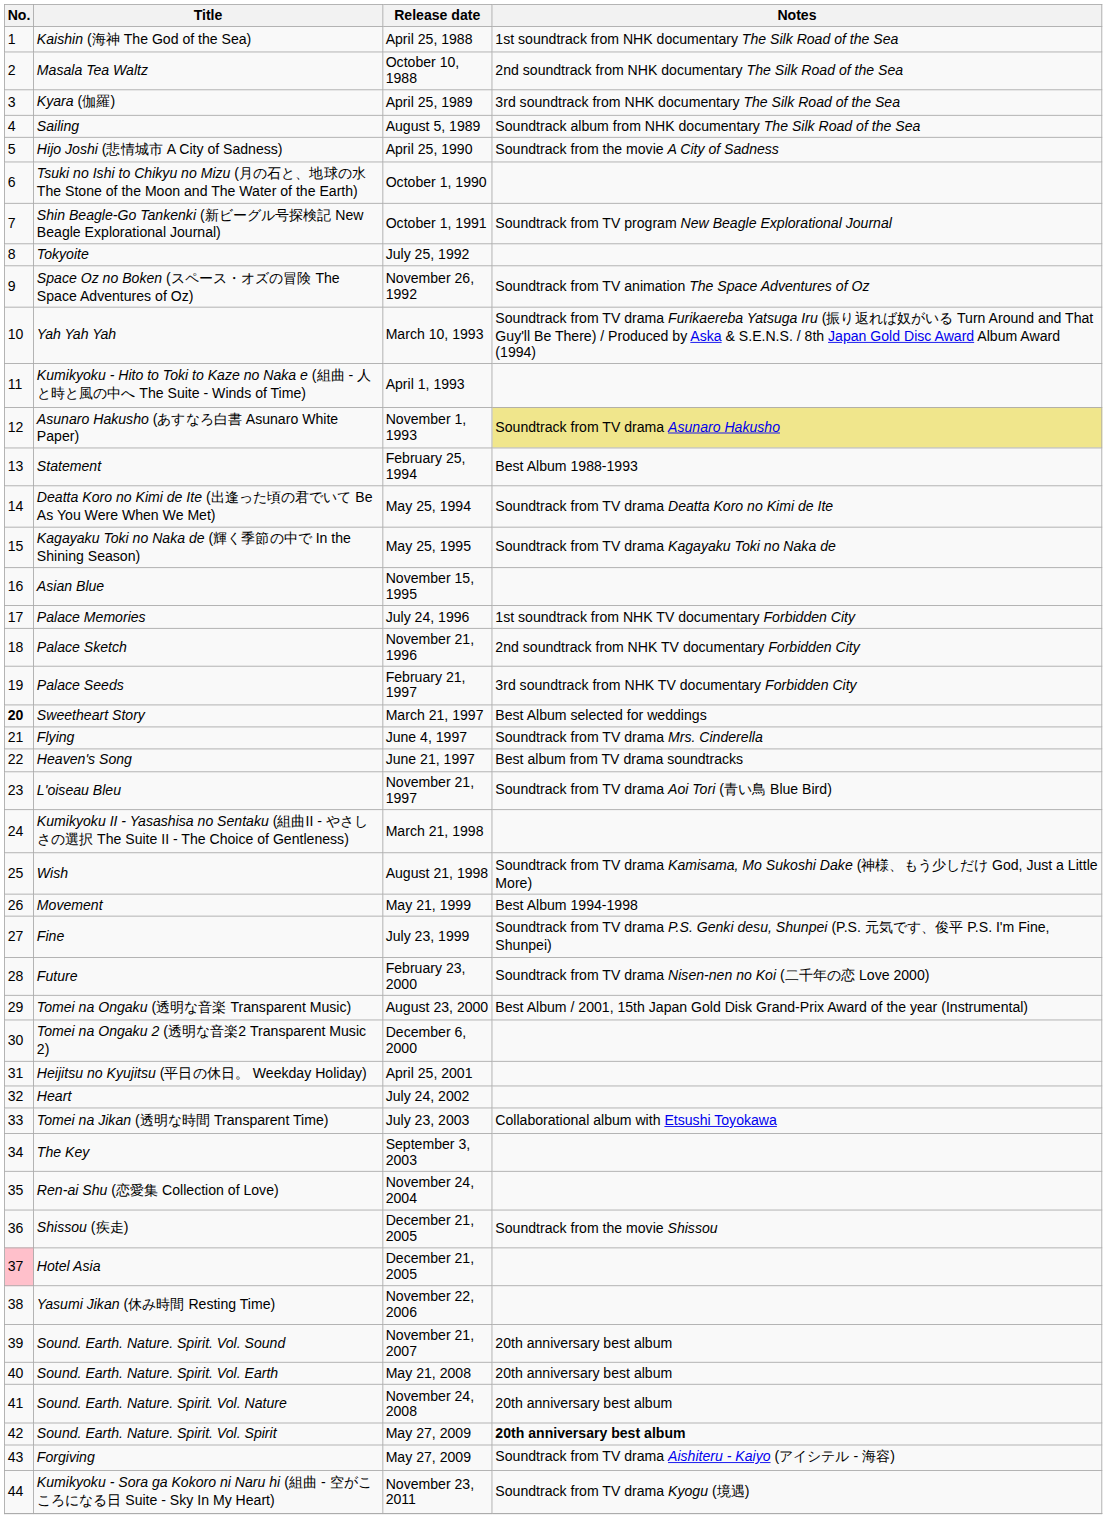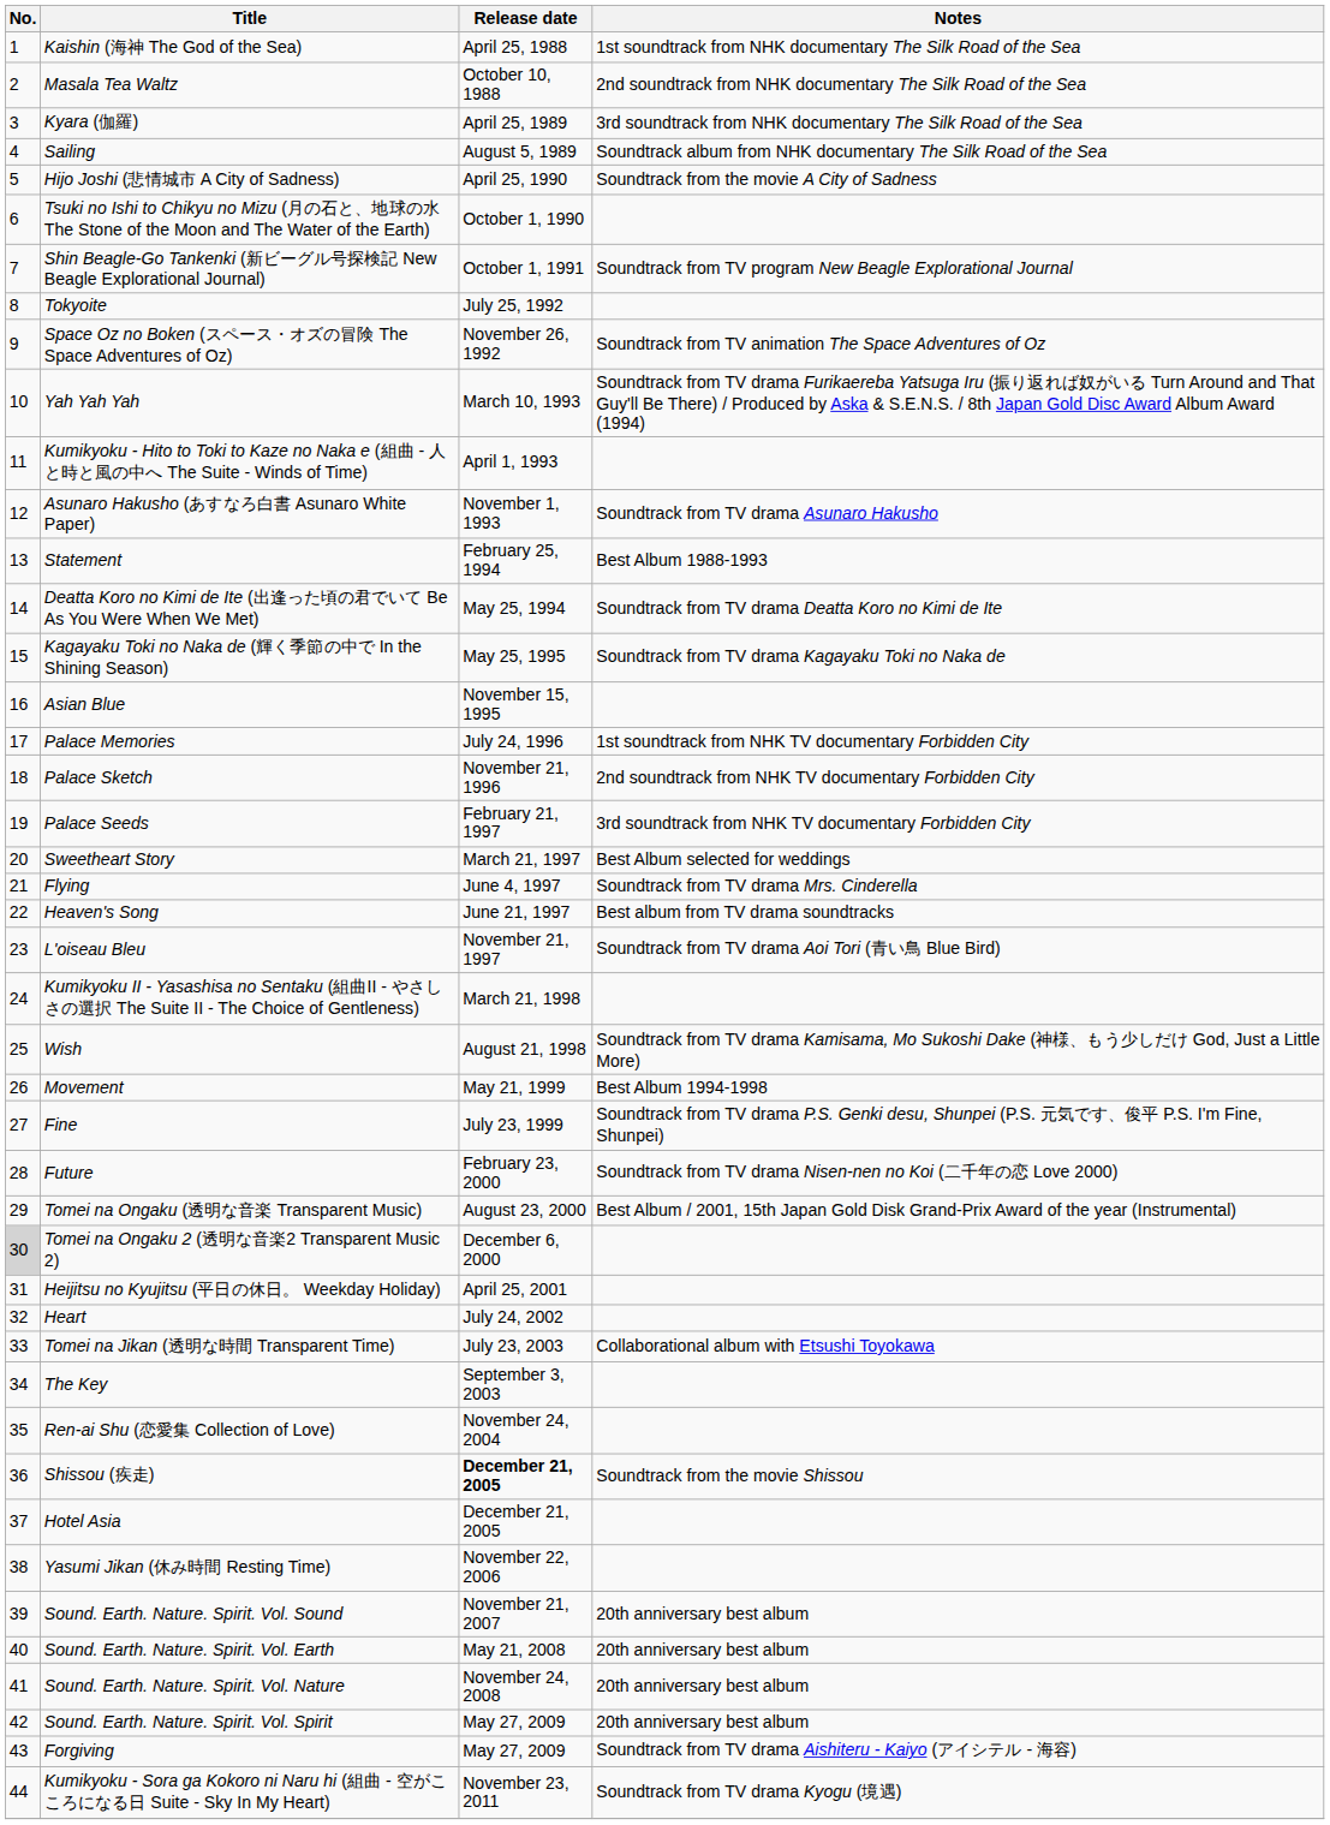 <table class="wikitable">
 <tr>
 <th>No.</th>
 <th>Title</th>
 <th style="white-space:nowrap">Release date</th>
 <th>Notes</th>
 </tr>
 <tr>
 <td>1</td>
 <td><em>Kaishin</em> (海神 The God of the Sea)</td>
 <td>April 25, 1988</td>
 <td>1st soundtrack from NHK documentary <em>The Silk Road of the Sea</em></td>
 </tr>
 <tr>
 <td>2</td>
 <td><em>Masala Tea Waltz</em></td>
 <td>October 10, 1988</td>
 <td>2nd soundtrack from NHK documentary <em>The Silk Road of the Sea</em></td>
 </tr>
 <tr>
 <td>3</td>
 <td><em>Kyara</em> (伽羅)</td>
 <td>April 25, 1989</td>
 <td>3rd soundtrack from NHK documentary <em>The Silk Road of the Sea</em></td>
 </tr>
 <tr>
 <td>4</td>
 <td><em>Sailing</em></td>
 <td>August 5, 1989</td>
 <td>Soundtrack album from NHK documentary <em>The Silk Road of the Sea</em></td>
 </tr>
 <tr>
 <td>5</td>
 <td><em>Hijo Joshi</em> (悲情城市 A City of Sadness)</td>
 <td>April 25, 1990</td>
 <td>Soundtrack from the movie <em>A City of Sadness</em></td>
 </tr>
 <tr>
 <td>6</td>
 <td><em>Tsuki no Ishi to Chikyu no Mizu</em> (月の石と、地球の水 The Stone of the Moon and The Water of the Earth)</td>
 <td>October 1, 1990</td>
 <td></td>
 </tr>
 <tr>
 <td>7</td>
 <td><em>Shin Beagle-Go Tankenki</em> (新ビーグル号探検記 New Beagle Explorational Journal)</td>
 <td>October 1, 1991</td>
 <td>Soundtrack from TV program <em>New Beagle Explorational Journal</em></td>
 </tr>
 <tr>
 <td>8</td>
 <td><em>Tokyoite</em></td>
 <td>July 25, 1992</td>
 <td></td>
 </tr>
 <tr>
 <td>9</td>
 <td><em>Space Oz no Boken</em> (スペース・オズの冒険 The Space Adventures of Oz)</td>
 <td>November 26, 1992</td>
 <td>Soundtrack from TV animation <em>The Space Adventures of Oz</em></td>
 </tr>
 <tr>
 <td>10</td>
 <td><em>Yah Yah Yah</em></td>
 <td>March 10, 1993</td>
 <td>Soundtrack from TV drama <em>Furikaereba Yatsuga Iru</em> (振り返れば奴がいる Turn Around and That Guy'll Be There) / Produced by <a href='#'>Aska</a> & S.E.N.S. / 8th <a href='#'>Japan Gold Disc Award</a> Album Award (1994)</td>
 </tr>
 <tr>
 <td>11</td>
 <td><em>Kumikyoku - Hito to Toki to Kaze no Naka e</em> (組曲 - 人と時と風の中へ The Suite - Winds of Time)</td>
 <td>April 1, 1993</td>
 <td></td>
 </tr>
 <tr>
 <td>12</td>
 <td><em>Asunaro Hakusho</em> (あすなろ白書 Asunaro White Paper)</td>
 <td>November 1, 1993</td>
-<td style="background: khaki;">Soundtrack from TV drama <em><a href='#'>Asunaro Hakusho</a></em></td>
+<td>Soundtrack from TV drama <em><a href='#'>Asunaro Hakusho</a></em></td>
 </tr>
 <tr>
 <td>13</td>
 <td><em>Statement</em></td>
 <td>February 25, 1994</td>
 <td>Best Album 1988-1993</td>
 </tr>
 <tr>
 <td>14</td>
 <td><em>Deatta Koro no Kimi de Ite</em> (出逢った頃の君でいて Be As You Were When We Met)</td>
 <td>May 25, 1994</td>
 <td>Soundtrack from TV drama <em>Deatta Koro no Kimi de Ite</em></td>
 </tr>
 <tr>
 <td>15</td>
 <td><em>Kagayaku Toki no Naka de</em> (輝く季節の中で In the Shining Season)</td>
 <td>May 25, 1995</td>
 <td>Soundtrack from TV drama <em>Kagayaku Toki no Naka de</em></td>
 </tr>
 <tr>
 <td>16</td>
 <td><em>Asian Blue</em></td>
 <td>November 15, 1995</td>
 <td></td>
 </tr>
 <tr>
 <td>17</td>
 <td><em>Palace Memories</em></td>
 <td>July 24, 1996</td>
 <td>1st soundtrack from NHK TV documentary <em>Forbidden City</em></td>
 </tr>
 <tr>
 <td>18</td>
 <td><em>Palace Sketch</em></td>
 <td>November 21, 1996</td>
 <td>2nd soundtrack from NHK TV documentary <em>Forbidden City</em></td>
 </tr>
 <tr>
 <td>19</td>
 <td><em>Palace Seeds</em></td>
 <td>February 21, 1997</td>
 <td>3rd soundtrack from NHK TV documentary <em>Forbidden City</em></td>
 </tr>
 <tr>
-<td><strong>20</strong></td>
+<td>20</td>
 <td><em>Sweetheart Story</em></td>
 <td>March 21, 1997</td>
 <td>Best Album selected for weddings</td>
 </tr>
 <tr>
 <td>21</td>
 <td><em>Flying</em></td>
 <td>June 4, 1997</td>
 <td>Soundtrack from TV drama <em>Mrs. Cinderella</em></td>
 </tr>
 <tr>
 <td>22</td>
 <td><em>Heaven's Song</em></td>
 <td>June 21, 1997</td>
 <td>Best album from TV drama soundtracks</td>
 </tr>
 <tr>
 <td>23</td>
 <td><em>L'oiseau Bleu</em></td>
 <td>November 21, 1997</td>
 <td>Soundtrack from TV drama <em>Aoi Tori</em> (青い鳥 Blue Bird)</td>
 </tr>
 <tr>
 <td>24</td>
 <td><em>Kumikyoku II - Yasashisa no Sentaku</em> (組曲II - やさしさの選択 The Suite II - The Choice of Gentleness)</td>
 <td>March 21, 1998</td>
 <td></td>
 </tr>
 <tr>
 <td>25</td>
 <td><em>Wish</em></td>
 <td>August 21, 1998</td>
 <td>Soundtrack from TV drama <em>Kamisama, Mo Sukoshi Dake</em> (神様、もう少しだけ God, Just a Little More)</td>
 </tr>
 <tr>
 <td>26</td>
 <td><em>Movement</em></td>
 <td>May 21, 1999</td>
 <td>Best Album 1994-1998</td>
 </tr>
 <tr>
 <td>27</td>
 <td><em>Fine</em></td>
 <td>July 23, 1999</td>
 <td>Soundtrack from TV drama <em>P.S. Genki desu, Shunpei</em> (P.S. 元気です、俊平 P.S. I'm Fine, Shunpei)</td>
 </tr>
 <tr>
 <td>28</td>
 <td><em>Future</em></td>
 <td>February 23, 2000</td>
 <td>Soundtrack from TV drama <em>Nisen-nen no Koi</em> (二千年の恋 Love 2000)</td>
 </tr>
 <tr>
 <td>29</td>
 <td><em>Tomei na Ongaku</em> (透明な音楽 Transparent Music)</td>
 <td>August 23, 2000</td>
 <td>Best Album / 2001, 15th Japan Gold Disk Grand-Prix Award of the year (Instrumental)</td>
 </tr>
 <tr>
-<td>30</td>
+<td style="background: lightgrey;">30</td>
 <td><em>Tomei na Ongaku 2</em> (透明な音楽2 Transparent Music 2)</td>
 <td>December 6, 2000</td>
 <td></td>
 </tr>
 <tr>
 <td>31</td>
 <td><em>Heijitsu no Kyujitsu</em> (平日の休日。 Weekday Holiday)</td>
 <td>April 25, 2001</td>
 <td></td>
 </tr>
 <tr>
 <td>32</td>
 <td><em>Heart</em></td>
 <td>July 24, 2002</td>
 <td></td>
 </tr>
 <tr>
 <td>33</td>
 <td><em>Tomei na Jikan</em>  (透明な時間 Transparent Time)</td>
 <td>July 23, 2003</td>
 <td>Collaborational album with <a href='#'>Etsushi Toyokawa</a></td>
 </tr>
 <tr>
 <td>34</td>
 <td><em>The Key</em></td>
 <td>September 3, 2003</td>
 <td></td>
 </tr>
 <tr>
 <td>35</td>
 <td><em>Ren-ai Shu</em> (恋愛集 Collection of Love)</td>
 <td>November 24, 2004</td>
 <td></td>
 </tr>
 <tr>
 <td>36</td>
 <td><em>Shissou</em> (疾走)</td>
-<td>December 21, 2005</td>
+<td><strong>December 21, 2005</strong></td>
 <td>Soundtrack from the movie <em>Shissou</em></td>
 </tr>
 <tr>
-<td style="background: pink;">37</td>
+<td>37</td>
 <td><em>Hotel Asia</em></td>
 <td>December 21, 2005</td>
 <td></td>
 </tr>
 <tr>
 <td>38</td>
 <td><em>Yasumi Jikan</em> (休み時間 Resting Time)</td>
 <td>November 22, 2006</td>
 <td></td>
 </tr>
 <tr>
 <td>39</td>
 <td><em>Sound. Earth. Nature. Spirit. Vol. Sound</em></td>
 <td>November 21, 2007</td>
 <td>20th anniversary best album</td>
 </tr>
 <tr>
 <td>40</td>
 <td><em>Sound. Earth. Nature. Spirit. Vol. Earth</em></td>
 <td>May 21, 2008</td>
 <td>20th anniversary best album</td>
 </tr>
 <tr>
 <td>41</td>
 <td><em>Sound. Earth. Nature. Spirit. Vol. Nature</em></td>
 <td>November 24, 2008</td>
 <td>20th anniversary best album</td>
 </tr>
 <tr>
 <td>42</td>
 <td><em>Sound. Earth. Nature. Spirit. Vol. Spirit</em></td>
 <td>May 27, 2009</td>
-<td><strong>20th anniversary best album</strong></td>
+<td>20th anniversary best album</td>
 </tr>
 <tr>
 <td>43</td>
 <td><em>Forgiving</em></td>
 <td>May 27, 2009</td>
 <td>Soundtrack from TV drama <em><a href='#'>Aishiteru - Kaiyo</a></em> (アイシテル - 海容)</td>
 </tr>
 <tr>
 <td>44</td>
 <td><em>Kumikyoku - Sora ga Kokoro ni Naru hi</em> (組曲 - 空がこころになる日 Suite - Sky In My Heart)</td>
 <td>November 23, 2011</td>
 <td>Soundtrack from TV drama <em>Kyogu</em> (境遇)</td>
 </tr>
 <tr>
 </tr>
 </table>
